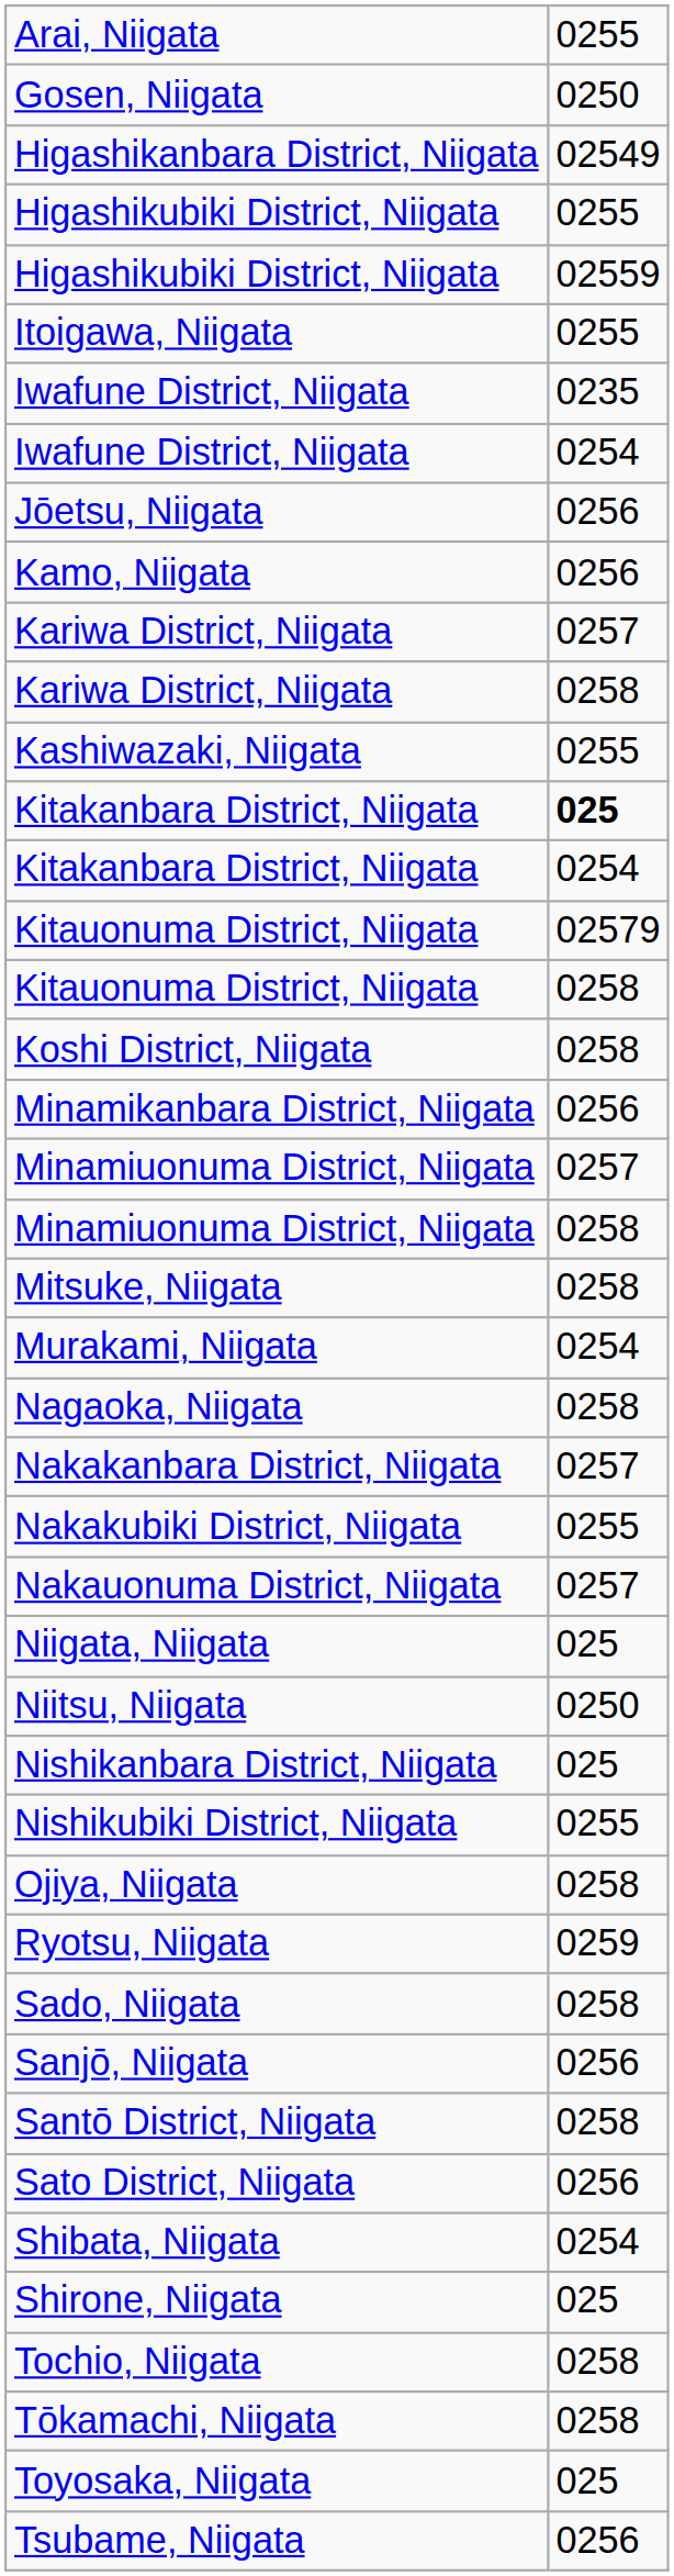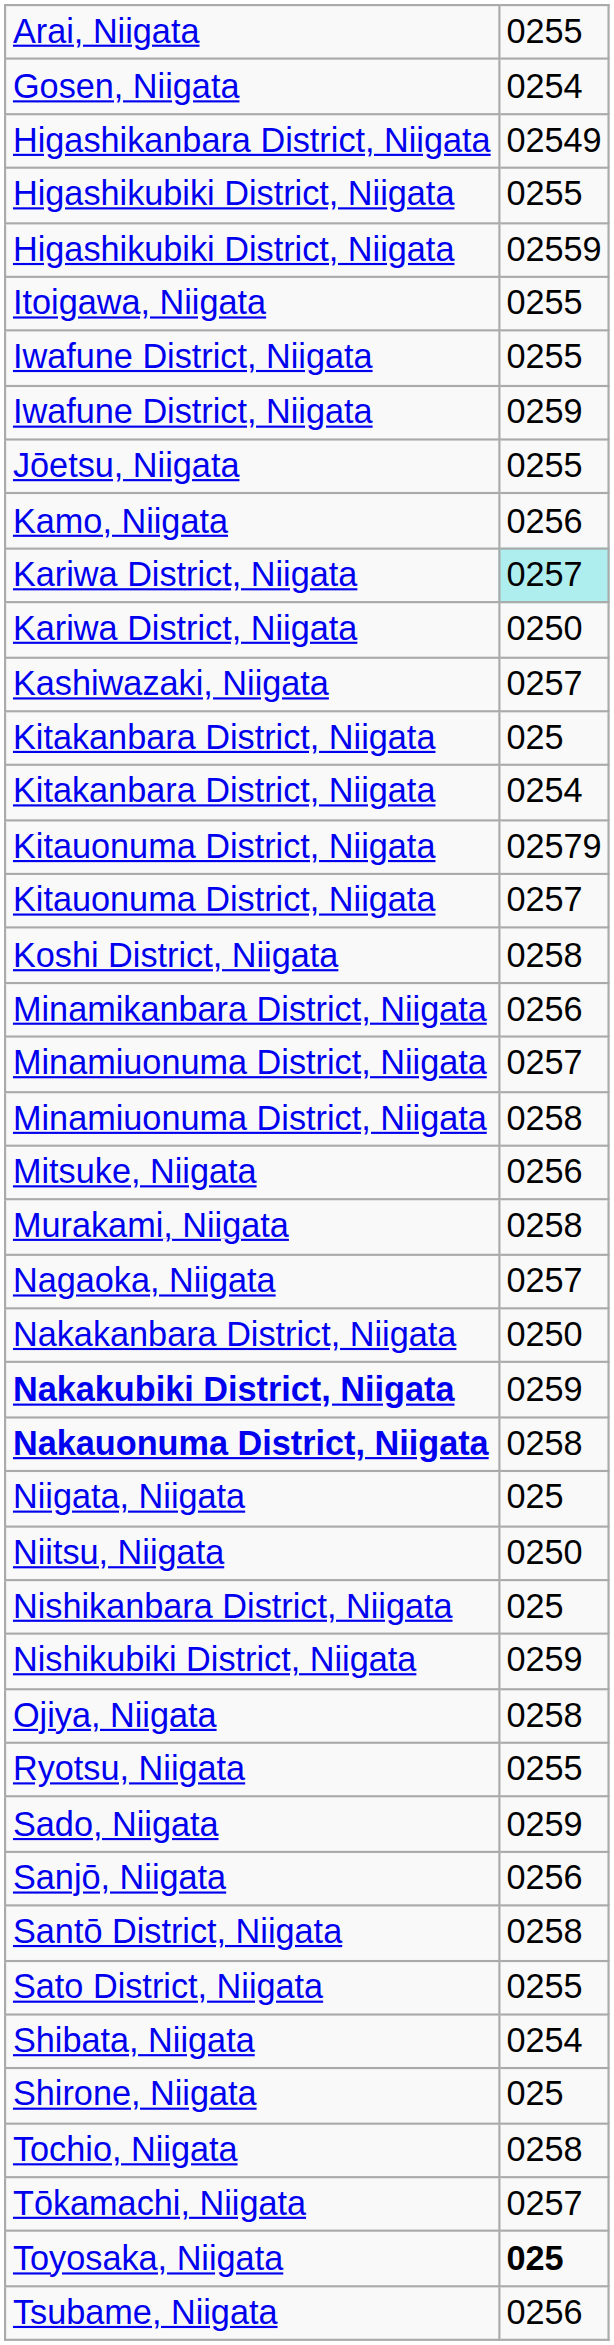 <table class="wikitable">
 <tr>
 <td><a href='#'>Arai, Niigata</a></td>
 <td>0255</td>
 </tr>
 <tr>
 <td><a href='#'>Gosen, Niigata</a></td>
-<td>0250</td>
+<td>0254</td>
 </tr>
 <tr>
 <td><a href='#'>Higashikanbara District, Niigata</a></td>
 <td>02549</td>
 </tr>
 <tr>
 <td><a href='#'>Higashikubiki District, Niigata</a></td>
 <td>0255</td>
 </tr>
 <tr>
 <td><a href='#'>Higashikubiki District, Niigata</a></td>
 <td>02559</td>
 </tr>
 <tr>
 <td><a href='#'>Itoigawa, Niigata</a></td>
 <td>0255</td>
 </tr>
 <tr>
 <td><a href='#'>Iwafune District, Niigata</a></td>
-<td>0235</td>
+<td>0255</td>
 </tr>
 <tr>
 <td><a href='#'>Iwafune District, Niigata</a></td>
-<td>0254</td>
+<td>0259</td>
 </tr>
 <tr>
 <td><a href='#'>Jōetsu, Niigata</a></td>
-<td>0256</td>
+<td>0255</td>
 </tr>
 <tr>
 <td><a href='#'>Kamo, Niigata</a></td>
 <td>0256</td>
 </tr>
 <tr>
 <td><a href='#'>Kariwa District, Niigata</a></td>
+<td style="background: paleturquoise;">0257</td>
+</tr>
+<tr>
+<td><a href='#'>Kariwa District, Niigata</a></td>
+<td>0250</td>
+</tr>
+<tr>
+<td><a href='#'>Kashiwazaki, Niigata</a></td>
 <td>0257</td>
 </tr>
 <tr>
-<td><a href='#'>Kariwa District, Niigata</a></td>
-<td>0258</td>
-</tr>
-<tr>
-<td><a href='#'>Kashiwazaki, Niigata</a></td>
-<td>0255</td>
-</tr>
-<tr>
 <td><a href='#'>Kitakanbara District, Niigata</a></td>
-<td><strong>025</strong></td>
+<td>025</td>
 </tr>
 <tr>
 <td><a href='#'>Kitakanbara District, Niigata</a></td>
 <td>0254</td>
 </tr>
 <tr>
 <td><a href='#'>Kitauonuma District, Niigata</a></td>
 <td>02579</td>
 </tr>
 <tr>
 <td><a href='#'>Kitauonuma District, Niigata</a></td>
-<td>0258</td>
+<td>0257</td>
 </tr>
 <tr>
 <td><a href='#'>Koshi District, Niigata</a></td>
 <td>0258</td>
 </tr>
 <tr>
 <td><a href='#'>Minamikanbara District, Niigata</a></td>
 <td>0256</td>
 </tr>
 <tr>
 <td><a href='#'>Minamiuonuma District, Niigata</a></td>
 <td>0257</td>
 </tr>
 <tr>
 <td><a href='#'>Minamiuonuma District, Niigata</a></td>
 <td>0258</td>
 </tr>
 <tr>
 <td><a href='#'>Mitsuke, Niigata</a></td>
+<td>0256</td>
+</tr>
+<tr>
+<td><a href='#'>Murakami, Niigata</a></td>
 <td>0258</td>
 </tr>
 <tr>
-<td><a href='#'>Murakami, Niigata</a></td>
-<td>0254</td>
-</tr>
-<tr>
 <td><a href='#'>Nagaoka, Niigata</a></td>
-<td>0258</td>
+<td>0257</td>
 </tr>
 <tr>
 <td><a href='#'>Nakakanbara District, Niigata</a></td>
-<td>0257</td>
+<td>0250</td>
 </tr>
 <tr>
-<td><a href='#'>Nakakubiki District, Niigata</a></td>
-<td>0255</td>
+<td><strong><a href='#'>Nakakubiki District, Niigata</a></strong></td>
+<td>0259</td>
 </tr>
 <tr>
-<td><a href='#'>Nakauonuma District, Niigata</a></td>
-<td>0257</td>
+<td><strong><a href='#'>Nakauonuma District, Niigata</a></strong></td>
+<td>0258</td>
 </tr>
 <tr>
 <td><a href='#'>Niigata, Niigata</a></td>
 <td>025</td>
 </tr>
 <tr>
 <td><a href='#'>Niitsu, Niigata</a></td>
 <td>0250</td>
 </tr>
 <tr>
 <td><a href='#'>Nishikanbara District, Niigata</a></td>
 <td>025</td>
 </tr>
 <tr>
 <td><a href='#'>Nishikubiki District, Niigata</a></td>
-<td>0255</td>
+<td>0259</td>
 </tr>
 <tr>
 <td><a href='#'>Ojiya, Niigata</a></td>
 <td>0258</td>
 </tr>
 <tr>
 <td><a href='#'>Ryotsu, Niigata</a></td>
-<td>0259</td>
+<td>0255</td>
 </tr>
 <tr>
 <td><a href='#'>Sado, Niigata</a></td>
-<td>0258</td>
+<td>0259</td>
 </tr>
 <tr>
 <td><a href='#'>Sanjō, Niigata</a></td>
 <td>0256</td>
 </tr>
 <tr>
 <td><a href='#'>Santō District, Niigata</a></td>
 <td>0258</td>
 </tr>
 <tr>
 <td><a href='#'>Sato District, Niigata</a></td>
-<td>0256</td>
+<td>0255</td>
 </tr>
 <tr>
 <td><a href='#'>Shibata, Niigata</a></td>
 <td>0254</td>
 </tr>
 <tr>
 <td><a href='#'>Shirone, Niigata</a></td>
 <td>025</td>
 </tr>
 <tr>
 <td><a href='#'>Tochio, Niigata</a></td>
 <td>0258</td>
 </tr>
 <tr>
 <td><a href='#'>Tōkamachi, Niigata</a></td>
-<td>0258</td>
+<td>0257</td>
 </tr>
 <tr>
 <td><a href='#'>Toyosaka, Niigata</a></td>
-<td>025</td>
+<td><strong>025</strong></td>
 </tr>
 <tr>
 <td><a href='#'>Tsubame, Niigata</a></td>
 <td>0256</td>
 </tr>
 </table>
